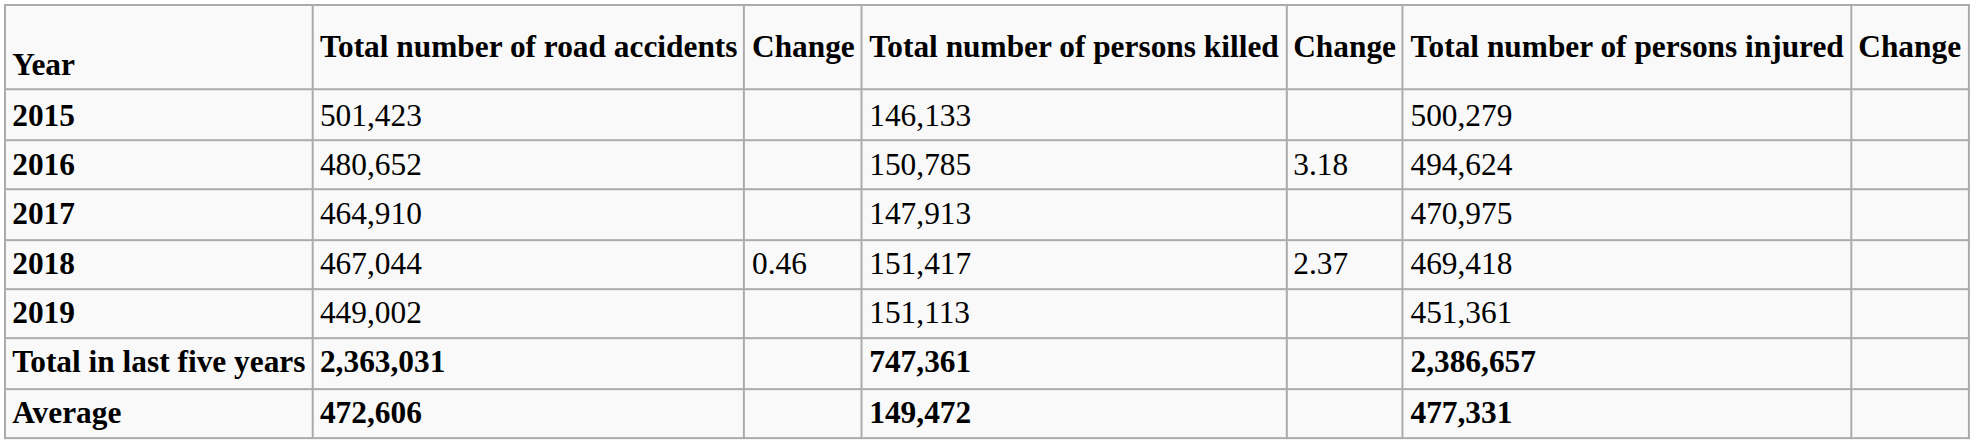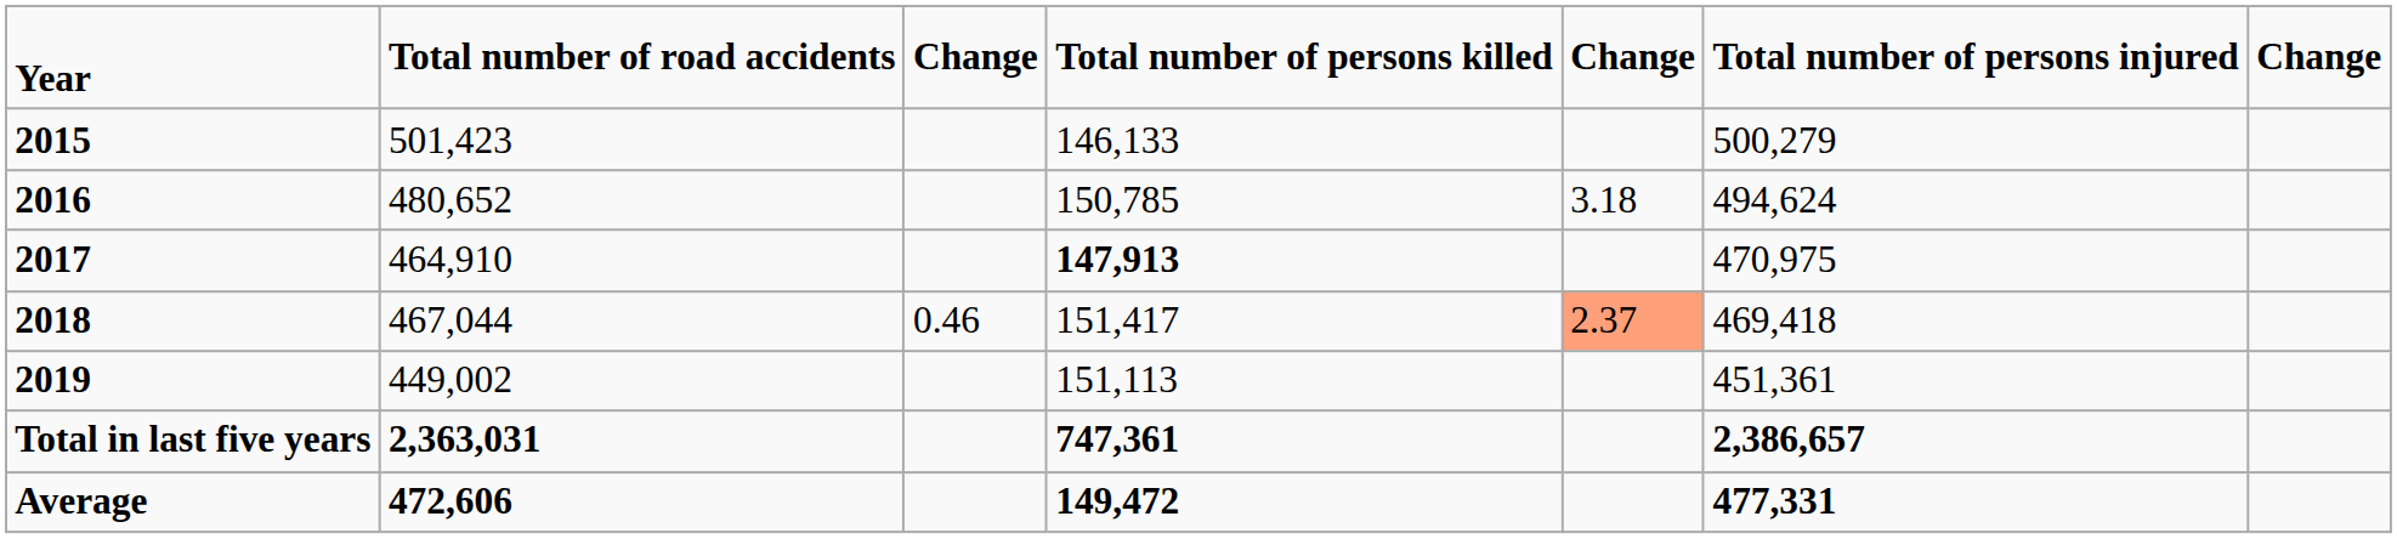 <table class="wikitable">
 <tr>
 <td><br><strong>Year</strong></td>
 <td><strong>Total number of road accidents</strong></td>
 <td><strong>Change</strong></td>
 <td><strong>Total number of persons killed</strong></td>
 <td><strong>Change</strong></td>
 <td><strong>Total number of persons injured</strong></td>
 <td><strong>Change</strong></td>
 </tr>
 <tr>
 <td><strong>2015</strong></td>
 <td>501,423</td>
 <td></td>
 <td>146,133</td>
 <td></td>
 <td>500,279</td>
 <td></td>
 </tr>
 <tr>
 <td><strong>2016</strong></td>
 <td>480,652</td>
 <td></td>
 <td>150,785</td>
 <td>3.18</td>
 <td>494,624</td>
 <td></td>
 </tr>
 <tr>
 <td><strong>2017</strong></td>
 <td>464,910</td>
 <td></td>
-<td>147,913</td>
+<td><strong>147,913</strong></td>
 <td></td>
 <td>470,975</td>
 <td></td>
 </tr>
 <tr>
 <td><strong>2018</strong></td>
 <td>467,044</td>
 <td>0.46</td>
 <td>151,417</td>
-<td>2.37</td>
+<td style="background: lightsalmon;">2.37</td>
 <td>469,418</td>
 <td></td>
 </tr>
 <tr>
 <td><strong>2019</strong></td>
 <td>449,002</td>
 <td></td>
 <td>151,113</td>
 <td></td>
 <td>451,361</td>
 <td></td>
 </tr>
 <tr>
 <td><strong>Total in last five years</strong></td>
 <td><strong>2,363,031</strong></td>
 <td></td>
 <td><strong>747,361</strong></td>
 <td></td>
 <td><strong>2,386,657</strong></td>
 <td></td>
 </tr>
 <tr>
 <td><strong>Average</strong></td>
 <td><strong>472,606</strong></td>
 <td></td>
 <td><strong>149,472</strong></td>
 <td></td>
 <td><strong>477,331</strong></td>
 <td></td>
 </tr>
 </table>
